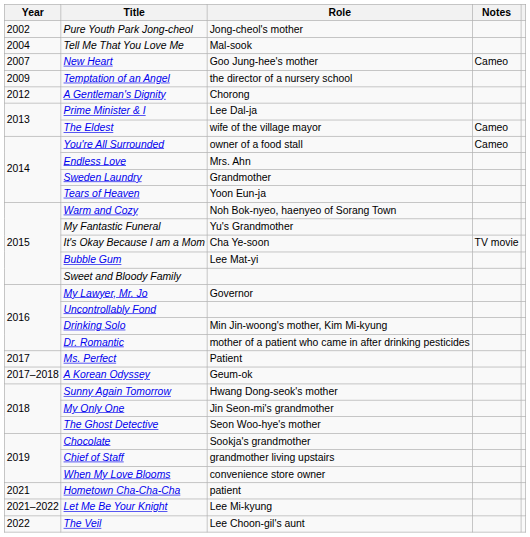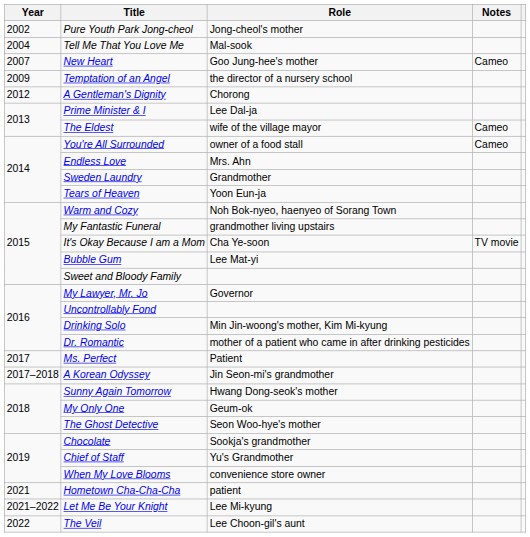 <table class="wikitable sortable">
 <tr>
 <th scope="col">Year</th>
 <th scope="col">Title</th>
 <th scope="col">Role</th>
 <th scope="col">Notes</th>
 <th scope="col" class="unsortable"></th>
 </tr>
 <tr>
 <td>2002</td>
 <td><em>Pure Youth Park Jong-cheol</em></td>
 <td>Jong-cheol's mother</td>
 <td></td>
 <td></td>
 </tr>
 <tr>
 <td>2004</td>
 <td><em>Tell Me That You Love Me</em></td>
 <td>Mal-sook</td>
 <td></td>
 <td></td>
 </tr>
 <tr>
 <td>2007</td>
 <td><em><a href='#'>New Heart</a></em></td>
 <td>Goo Jung-hee's mother</td>
 <td>Cameo</td>
 <td></td>
 </tr>
 <tr>
 <td>2009</td>
 <td><em><a href='#'>Temptation of an Angel</a></em></td>
 <td>the director of a nursery school</td>
 <td></td>
 <td></td>
 </tr>
 <tr>
 <td>2012</td>
 <td><em><a href='#'>A Gentleman's Dignity</a></em></td>
 <td>Chorong</td>
 <td></td>
 <td></td>
 </tr>
 <tr>
 <td rowspan="2">2013</td>
 <td><em><a href='#'>Prime Minister & I</a></em></td>
 <td>Lee Dal-ja</td>
 <td></td>
 <td></td>
 </tr>
 <tr>
 <td><em><a href='#'>The Eldest</a></em></td>
 <td>wife of the village mayor</td>
 <td>Cameo</td>
 <td></td>
 </tr>
 <tr>
 <td rowspan="4">2014</td>
 <td><em><a href='#'>You're All Surrounded</a></em></td>
 <td>owner of a food stall</td>
 <td>Cameo</td>
 <td></td>
 </tr>
 <tr>
 <td><em><a href='#'>Endless Love</a></em></td>
 <td>Mrs. Ahn</td>
 <td></td>
 <td></td>
 </tr>
 <tr>
 <td><em><a href='#'>Sweden Laundry</a></em></td>
 <td>Grandmother</td>
 <td></td>
 <td></td>
 </tr>
 <tr>
 <td><em><a href='#'>Tears of Heaven</a></em></td>
 <td>Yoon Eun-ja</td>
 <td></td>
 <td></td>
 </tr>
 <tr>
 <td rowspan="5">2015</td>
 <td><em><a href='#'>Warm and Cozy</a></em></td>
 <td>Noh Bok-nyeo, haenyeo of Sorang Town</td>
 <td></td>
 <td></td>
 </tr>
 <tr>
 <td><em>My Fantastic Funeral</em></td>
-<td>Yu's Grandmother</td>
+<td>grandmother living upstairs</td>
 <td></td>
 <td></td>
 </tr>
 <tr>
 <td><em>It's Okay Because I am a Mom</em></td>
 <td>Cha Ye-soon</td>
 <td>TV movie</td>
 <td></td>
 </tr>
 <tr>
 <td><em><a href='#'>Bubble Gum</a></em></td>
 <td>Lee Mat-yi</td>
 <td></td>
 <td></td>
 </tr>
 <tr>
 <td><em>Sweet and Bloody Family</em></td>
 <td></td>
 <td></td>
 <td></td>
 </tr>
 <tr>
 <td rowspan="4">2016</td>
 <td><em><a href='#'>My Lawyer, Mr. Jo</a></em></td>
 <td>Governor</td>
 <td></td>
 <td></td>
 </tr>
 <tr>
 <td><em><a href='#'>Uncontrollably Fond</a></em></td>
 <td></td>
 <td></td>
 <td></td>
 </tr>
 <tr>
 <td><em><a href='#'>Drinking Solo</a></em></td>
 <td>Min Jin-woong's mother, Kim Mi-kyung</td>
 <td></td>
 <td></td>
 </tr>
 <tr>
 <td><em><a href='#'>Dr. Romantic</a></em></td>
 <td>mother of a patient who came in after drinking pesticides</td>
 <td></td>
 <td></td>
 </tr>
 <tr>
 <td>2017</td>
 <td><em><a href='#'>Ms. Perfect</a></em></td>
 <td>Patient</td>
 <td></td>
 <td></td>
 </tr>
 <tr>
 <td>2017–2018</td>
 <td><em><a href='#'>A Korean Odyssey</a></em></td>
-<td>Geum-ok</td>
+<td>Jin Seon-mi's grandmother</td>
 <td></td>
 <td></td>
 </tr>
 <tr>
 <td rowspan="3">2018</td>
 <td><em><a href='#'>Sunny Again Tomorrow</a></em></td>
 <td>Hwang Dong-seok's mother</td>
 <td></td>
 <td></td>
 </tr>
 <tr>
 <td><em><a href='#'>My Only One</a></em></td>
-<td>Jin Seon-mi's grandmother</td>
+<td>Geum-ok</td>
 <td></td>
 <td></td>
 </tr>
 <tr>
 <td><em><a href='#'>The Ghost Detective</a></em></td>
 <td>Seon Woo-hye's mother</td>
 <td></td>
 <td></td>
 </tr>
 <tr>
 <td rowspan="3">2019</td>
 <td><em><a href='#'>Chocolate</a></em></td>
 <td>Sookja's grandmother</td>
 <td></td>
 <td></td>
 </tr>
 <tr>
 <td><em><a href='#'>Chief of Staff</a></em></td>
-<td>grandmother living upstairs</td>
+<td>Yu's Grandmother</td>
 <td></td>
 <td></td>
 </tr>
 <tr>
 <td><em><a href='#'>When My Love Blooms</a></em></td>
 <td>convenience store owner</td>
 <td></td>
 <td></td>
 </tr>
 <tr>
 <td>2021</td>
 <td><em><a href='#'>Hometown Cha-Cha-Cha</a></em></td>
 <td>patient</td>
 <td></td>
 <td></td>
 </tr>
 <tr>
 <td>2021–2022</td>
 <td><em><a href='#'>Let Me Be Your Knight</a></em></td>
 <td>Lee Mi-kyung</td>
 <td></td>
 <td></td>
 </tr>
 <tr>
 <td>2022</td>
 <td><em><a href='#'>The Veil</a></em></td>
 <td>Lee Choon-gil's aunt</td>
 <td></td>
 <td></td>
 </tr>
 </table>
